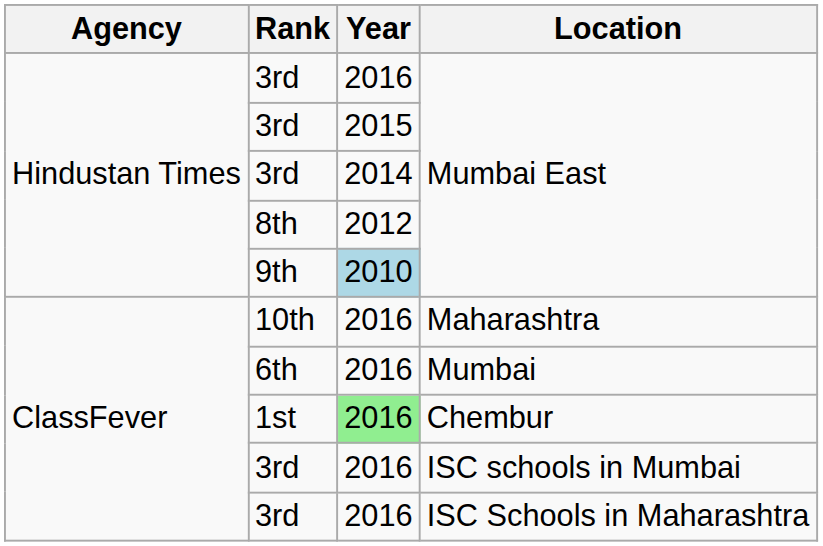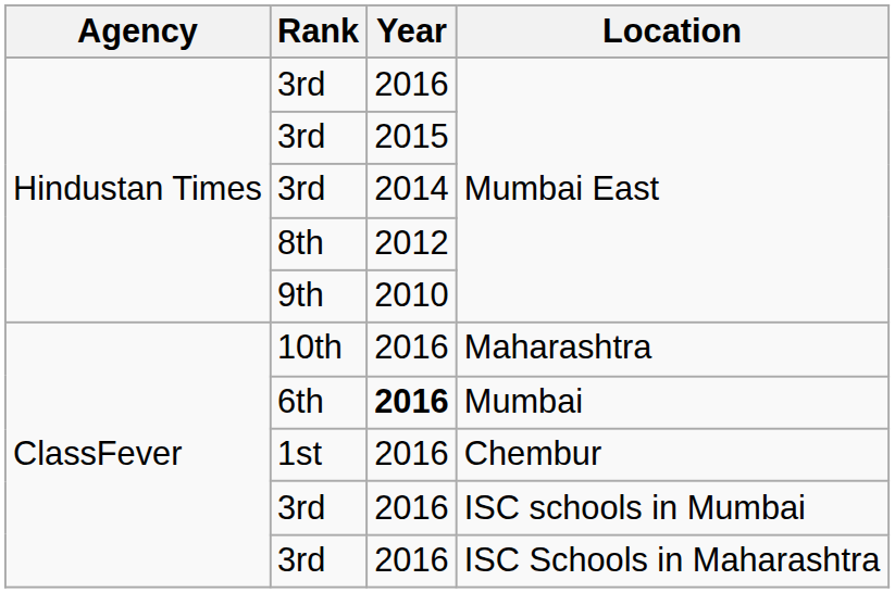 <table class="wikitable">
 <tr>
 <th>Agency</th>
 <th>Rank</th>
 <th>Year</th>
 <th>Location</th>
 </tr>
 <tr>
 <td rowspan="5">Hindustan Times</td>
 <td>3rd</td>
 <td>2016</td>
 <td rowspan="5">Mumbai East</td>
 </tr>
 <tr>
 <td>3rd</td>
 <td>2015</td>
 </tr>
 <tr>
 <td>3rd</td>
 <td>2014</td>
 </tr>
 <tr>
 <td>8th</td>
 <td>2012</td>
 </tr>
 <tr>
 <td>9th</td>
-<td style="background: lightblue;">2010</td>
+<td>2010</td>
 </tr>
 <tr>
 <td rowspan="5">ClassFever</td>
 <td>10th</td>
 <td>2016</td>
 <td>Maharashtra</td>
 </tr>
 <tr>
 <td>6th</td>
-<td>2016</td>
+<td><strong>2016</strong></td>
 <td>Mumbai</td>
 </tr>
 <tr>
 <td>1st</td>
-<td style="background: lightgreen;">2016</td>
+<td>2016</td>
 <td>Chembur</td>
 </tr>
 <tr>
 <td>3rd</td>
 <td>2016</td>
 <td>ISC schools in Mumbai</td>
 </tr>
 <tr>
 <td>3rd</td>
 <td>2016</td>
 <td>ISC Schools in Maharashtra</td>
 </tr>
 </table>
